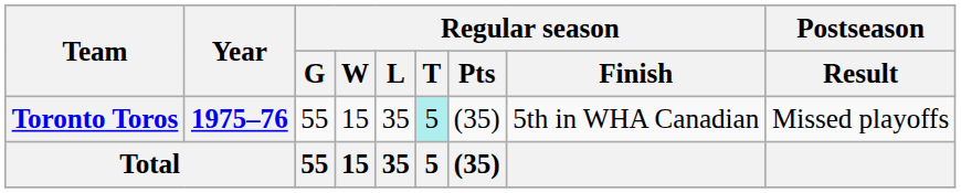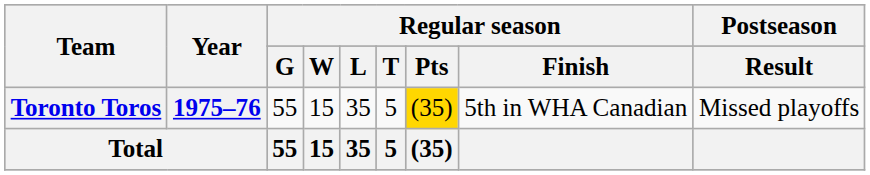 <table class="wikitable" style="font-size: 95%; text-align:center;">
 <tr>
 <th rowspan="2">Team</th>
 <th rowspan="2">Year</th>
 <th colspan="6">Regular season</th>
 <th>Postseason</th>
 </tr>
 <tr>
 <th>G</th>
 <th>W</th>
 <th>L</th>
 <th>T</th>
 <th>Pts</th>
 <th>Finish</th>
 <th>Result</th>
 </tr>
 <tr>
 <th><a href='#'>Toronto Toros</a></th>
 <th><a href='#'>1975–76</a></th>
 <td>55</td>
 <td>15</td>
 <td>35</td>
-<td style="background: paleturquoise;">5</td>
-<td>(35)</td>
+<td>5</td>
+<td style="background: gold;">(35)</td>
 <td>5th in WHA Canadian</td>
 <td>Missed playoffs</td>
 </tr>
 <tr>
 <th colspan="2">Total</th>
 <th>55</th>
 <th>15</th>
 <th>35</th>
 <th>5</th>
 <th>(35)</th>
 <th></th>
 <th></th>
 </tr>
 </table>
